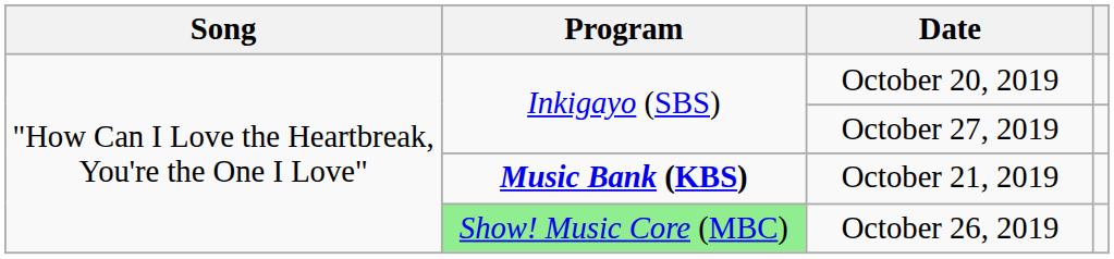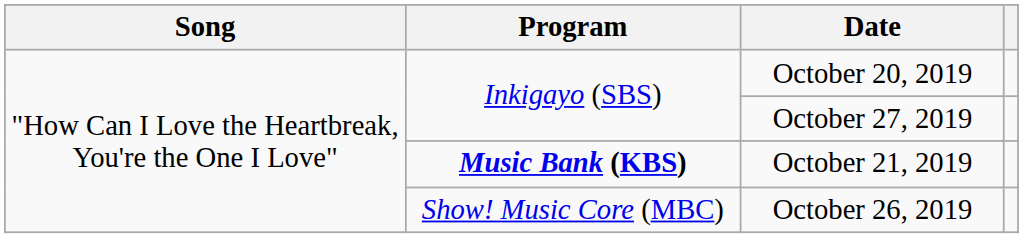 <table class="wikitable" style="text-align:center">
 <tr>
 <th>Song</th>
 <th width="180">Program</th>
 <th width="140">Date</th>
 <th></th>
 </tr>
 <tr>
 <td rowspan="4">"How Can I Love the Heartbreak, <br> You're the One I Love"</td>
 <td rowspan="2"><em><a href='#'>Inkigayo</a></em> (<a href='#'>SBS</a>)</td>
 <td>October 20, 2019</td>
 <td></td>
 </tr>
 <tr>
 <td>October 27, 2019</td>
 <td></td>
 </tr>
 <tr>
 <td><strong><em><a href='#'>Music Bank</a></em> (<a href='#'>KBS</a>)</strong></td>
 <td>October 21, 2019</td>
 <td></td>
 </tr>
 <tr>
-<td style="background: lightgreen;"><em><a href='#'>Show! Music Core</a></em> (<a href='#'>MBC</a>)</td>
+<td><em><a href='#'>Show! Music Core</a></em> (<a href='#'>MBC</a>)</td>
 <td>October 26, 2019</td>
 <td></td>
 </tr>
 </table>
